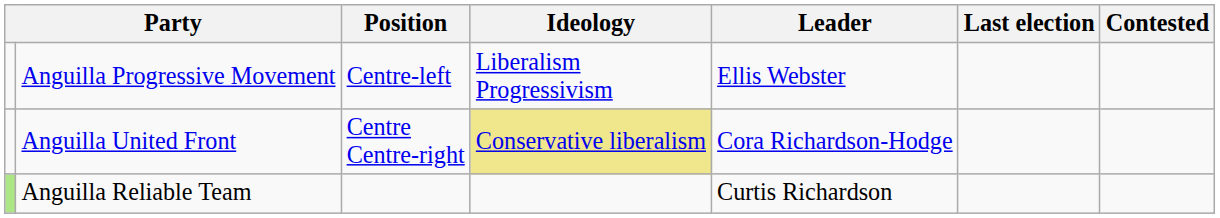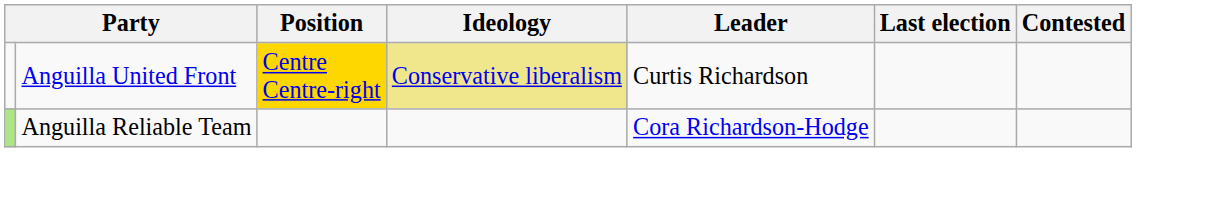 <table class="wikitable sortable">
 <tr>
 <th colspan="2">Party</th>
 <th>Position</th>
 <th>Ideology</th>
 <th>Leader</th>
 <th>Last election</th>
 <th>Contested</th>
 </tr>
 <tr>
 <td></td>
-<td><a href='#'>Anguilla Progressive Movement</a></td>
-<td><a href='#'>Centre-left</a></td>
-<td><a href='#'>Liberalism</a><br><a href='#'>Progressivism</a></td>
-<td><a href='#'>Ellis Webster</a></td>
-<td></td>
-<td></td>
-</tr>
-<tr>
-<td></td>
 <td><a href='#'>Anguilla United Front</a></td>
-<td><a href='#'>Centre</a><br><a href='#'>Centre-right</a></td>
+<td style="background: gold;"><a href='#'>Centre</a><br><a href='#'>Centre-right</a></td>
 <td style="background: khaki;"><a href='#'>Conservative liberalism</a></td>
-<td><a href='#'>Cora Richardson-Hodge</a></td>
+<td>Curtis Richardson</td>
 <td></td>
 <td></td>
 </tr>
 <tr>
 <td bgcolor="#ade685"></td>
 <td>Anguilla Reliable Team</td>
 <td></td>
 <td></td>
-<td>Curtis Richardson</td>
+<td><a href='#'>Cora Richardson-Hodge</a></td>
 <td></td>
 <td></td>
 </tr>
 </table>
